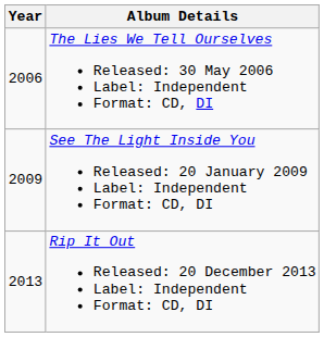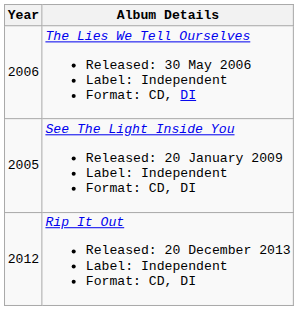 <table class="wikitable">
 <tr>
 <th>Year</th>
 <th>Album Details</th>
 </tr>
 <tr>
 <td>2006</td>
 <td align="left"><em><a href='#'>The Lies We Tell Ourselves</a></em><br><ul><li>Released: 30 May 2006</li><li>Label: Independent</li><li>Format: CD, <a href='#'>DI</a></li></ul></td>
 </tr>
 <tr>
-<td>2009</td>
+<td>2005</td>
 <td align="left"><em><a href='#'>See The Light Inside You</a></em><br><ul><li>Released: 20 January 2009</li><li>Label: Independent</li><li>Format: CD, DI</li></ul></td>
 </tr>
 <tr>
-<td>2013</td>
+<td>2012</td>
 <td align="left"><em><a href='#'>Rip It Out</a></em><br><ul><li>Released: 20 December 2013</li><li>Label: Independent</li><li>Format: CD, DI</li></ul></td>
 </tr>
 </table>
